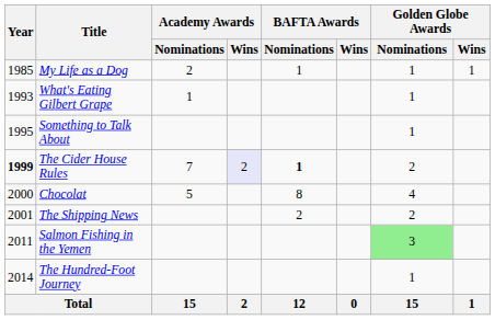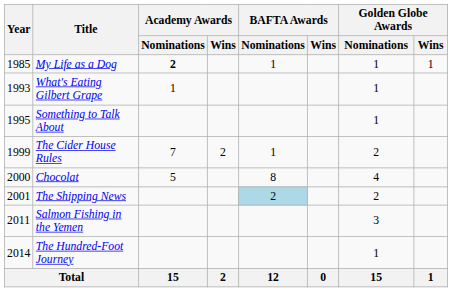 <table class="wikitable sortable">
 <tr>
 <th rowspan="2">Year</th>
 <th rowspan="2">Title</th>
 <th colspan="2">Academy Awards</th>
 <th colspan="2">BAFTA Awards</th>
 <th colspan="2">Golden Globe Awards</th>
 </tr>
 <tr>
 <th>Nominations</th>
 <th>Wins</th>
 <th>Nominations</th>
 <th>Wins</th>
 <th>Nominations</th>
 <th>Wins</th>
 </tr>
 <tr>
 <td>1985</td>
 <td><em><a href='#'>My Life as a Dog</a></em></td>
-<td align=center>2</td>
+<td align=center><strong>2</strong></td>
 <td></td>
 <td align=center>1</td>
 <td></td>
 <td align=center>1</td>
 <td align=center>1</td>
 </tr>
 <tr>
 <td>1993</td>
 <td><em><a href='#'>What's Eating Gilbert Grape</a></em></td>
 <td align=center>1</td>
 <td></td>
 <td></td>
 <td></td>
 <td align=center>1</td>
 <td></td>
 </tr>
 <tr>
 <td>1995</td>
 <td><em><a href='#'>Something to Talk About</a></em></td>
 <td></td>
 <td></td>
 <td></td>
 <td></td>
 <td align=center>1</td>
 <td></td>
 </tr>
 <tr>
-<td><strong>1999</strong></td>
+<td>1999</td>
 <td><em><a href='#'>The Cider House Rules</a></em></td>
 <td align=center>7</td>
-<td align=center style="background: lavender;">2</td>
-<td align=center><strong>1</strong></td>
+<td align=center>2</td>
+<td align=center>1</td>
 <td></td>
 <td align=center>2</td>
 <td></td>
 </tr>
 <tr>
 <td>2000</td>
 <td><em><a href='#'>Chocolat</a></em></td>
 <td align=center>5</td>
 <td></td>
 <td align=center>8</td>
 <td></td>
 <td align=center>4</td>
 <td></td>
 </tr>
 <tr>
 <td>2001</td>
 <td><em><a href='#'>The Shipping News</a></em></td>
 <td></td>
 <td></td>
-<td align=center>2</td>
+<td align=center style="background: lightblue;">2</td>
 <td></td>
 <td align=center>2</td>
 <td></td>
 </tr>
 <tr>
 <td>2011</td>
 <td><em><a href='#'>Salmon Fishing in the Yemen</a></em></td>
 <td></td>
 <td></td>
 <td></td>
 <td></td>
-<td align=center style="background: lightgreen;">3</td>
+<td align=center>3</td>
 <td></td>
 </tr>
 <tr>
 <td>2014</td>
 <td><em><a href='#'>The Hundred-Foot Journey</a></em></td>
 <td></td>
 <td></td>
 <td></td>
 <td></td>
 <td align=center>1</td>
 <td></td>
 </tr>
 <tr>
 <th colspan="2" "text-align:center;"><strong>Total</strong></th>
 <th>15</th>
 <th>2</th>
 <th>12</th>
 <th>0</th>
 <th>15</th>
 <th>1</th>
 </tr>
 </table>
